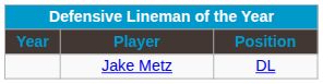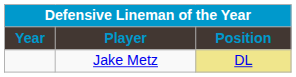 <table class="wikitable sortable" style="text-align:center">
 <tr>
 <td colspan="4" style="background:#09C; color:#fff;"><strong>Defensive Lineman of the Year</strong></td>
 </tr>
 <tr>
 <th style="width:50px; background:#423732; color:#09C;">Year</th>
 <th style="width:150px; background:#423732; color:#09C;">Player</th>
 <th style="width:100px; background:#423732; color:#09C;">Position</th>
 </tr>
 <tr>
 <td></td>
 <td><a href='#'>Jake Metz</a></td>
-<td><a href='#'>DL</a></td>
+<td style="background: khaki;"><a href='#'>DL</a></td>
 </tr>
 </table>
